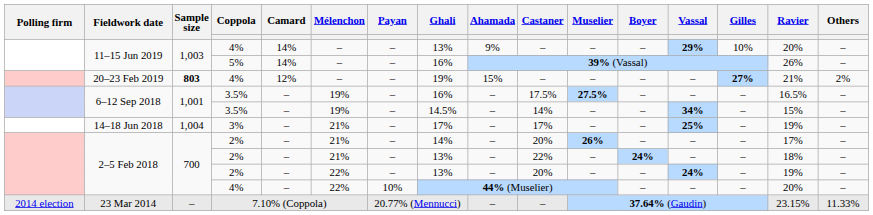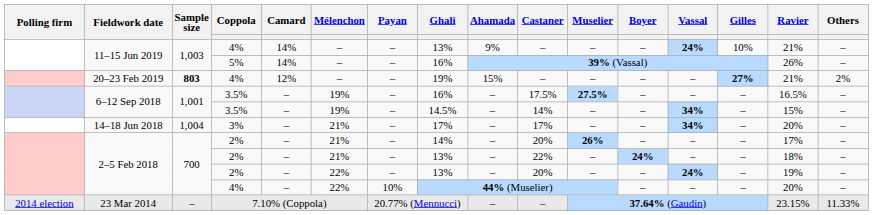 <table class="wikitable sortable" style="text-align:center;font-size:90%;line-height:14px;">
 <tr style="height:40px;">
 <th style="width:100px;" rowspan="2">Polling firm</th>
 <th style="width:110px;" rowspan="2">Fieldwork date</th>
 <th style="width:35px;" rowspan="2">Sample<br>size</th>
 <th class="unsortable" style="width:60px;">Coppola<br></th>
 <th class="unsortable" style="width:60px;">Camard<br></th>
 <th class="unsortable" style="width:60px;"><a href='#'>Mélenchon</a><br></th>
 <th class="unsortable" style="width:60px;"><a href='#'>Payan</a><br></th>
 <th class="unsortable" style="width:60px;"><a href='#'>Ghali</a><br></th>
 <th class="unsortable" style="width:60px;"><a href='#'>Ahamada</a><br></th>
 <th class="unsortable" style="width:60px;"><a href='#'>Castaner</a><br></th>
 <th class="unsortable" style="width:60px;"><a href='#'>Muselier</a><br></th>
 <th class="unsortable" style="width:60px;"><a href='#'>Boyer</a><br></th>
 <th class="unsortable" style="width:60px;"><a href='#'>Vassal</a><br></th>
 <th class="unsortable" style="width:60px;"><a href='#'>Gilles</a><br></th>
 <th class="unsortable" style="width:60px;"><a href='#'>Ravier</a><br></th>
 <th class="unsortable" style="width:60px;">Others</th>
 </tr>
 <tr>
 <th style="background:"></th>
 <th style="background:"></th>
 <th style="background:"></th>
 <th style="background:"></th>
 <th style="background:"></th>
 <th style="background:"></th>
 <th style="background:"></th>
 <th style="background:"></th>
 <th style="background:"></th>
 <th style="background:"></th>
 <th style="background:"></th>
 <th style="background:"></th>
 <th style="background:"></th>
 </tr>
 <tr>
 <td rowspan="2" style="background:#FFFFFF;"></td>
 <td rowspan="2" data-sort-value="2019-06-15">11–15 Jun 2019</td>
 <td rowspan="2">1,003</td>
 <td>4%</td>
 <td>14%</td>
 <td>–</td>
 <td>–</td>
 <td>13%</td>
 <td>9%</td>
 <td>–</td>
 <td>–</td>
 <td>–</td>
-<td style="background:#B9DAFF;"><strong>29%</strong></td>
+<td style="background:#B9DAFF;"><strong>24%</strong></td>
 <td>10%</td>
-<td>20%</td>
+<td>21%</td>
 <td>–</td>
 </tr>
 <tr>
 <td>5%</td>
 <td>14%</td>
 <td>–</td>
 <td>–</td>
 <td>16%</td>
 <td style="background:#B9DAFF;" colspan="6"><strong>39%</strong> (Vassal)</td>
 <td>26%</td>
 <td>–</td>
 </tr>
 <tr>
 <td style="background:#FFCCCC;"></td>
 <td data-sort-value="2019-02-23">20–23 Feb 2019</td>
 <td><strong>803</strong></td>
 <td>4%</td>
 <td>12%</td>
 <td>–</td>
 <td>–</td>
 <td>19%</td>
 <td>15%</td>
 <td>–</td>
 <td>–</td>
 <td>–</td>
 <td>–</td>
 <td style="background:#B9DAFF;"><strong>27%</strong></td>
 <td>21%</td>
 <td>2%</td>
 </tr>
 <tr>
 <td rowspan="2" style="background:#CAD5F7;"></td>
 <td rowspan="2" data-sort-value="2018-09-12">6–12 Sep 2018</td>
 <td rowspan="2">1,001</td>
 <td>3.5%</td>
 <td>–</td>
 <td>19%</td>
 <td>–</td>
 <td>16%</td>
 <td>–</td>
 <td>17.5%</td>
 <td style="background:#B9DAFF;"><strong>27.5%</strong></td>
 <td>–</td>
 <td>–</td>
 <td>–</td>
 <td>16.5%</td>
 <td>–</td>
 </tr>
 <tr>
 <td>3.5%</td>
 <td>–</td>
 <td>19%</td>
 <td>–</td>
 <td>14.5%</td>
 <td>–</td>
 <td>14%</td>
 <td>–</td>
 <td>–</td>
 <td style="background:#B9DAFF;"><strong>34%</strong></td>
 <td>–</td>
 <td>15%</td>
 <td>–</td>
 </tr>
 <tr>
 <td style="background:#FFFFFF;"></td>
 <td data-sort-value="2018-06-18">14–18 Jun 2018</td>
 <td>1,004</td>
 <td>3%</td>
 <td>–</td>
 <td>21%</td>
 <td>–</td>
 <td>17%</td>
 <td>–</td>
 <td>17%</td>
 <td>–</td>
 <td>–</td>
-<td style="background:#B9DAFF;"><strong>25%</strong></td>
+<td style="background:#B9DAFF;"><strong>34%</strong></td>
 <td>–</td>
-<td>19%</td>
+<td>20%</td>
 <td>–</td>
 </tr>
 <tr>
 <td rowspan="4" style="background:#FFCCCC;"></td>
 <td rowspan="4" data-sort-value="2018-02-08">2–5 Feb 2018</td>
 <td rowspan="4">700</td>
 <td>2%</td>
 <td>–</td>
 <td>21%</td>
 <td>–</td>
 <td>14%</td>
 <td>–</td>
 <td>20%</td>
 <td style="background:#B9DAFF;"><strong>26%</strong></td>
 <td>–</td>
 <td>–</td>
 <td>–</td>
 <td>17%</td>
 <td>–</td>
 </tr>
 <tr>
 <td>2%</td>
 <td>–</td>
 <td>21%</td>
 <td>–</td>
 <td>13%</td>
 <td>–</td>
 <td>22%</td>
 <td>–</td>
 <td style="background:#B9DAFF;"><strong>24%</strong></td>
 <td>–</td>
 <td>–</td>
 <td>18%</td>
 <td>–</td>
 </tr>
 <tr>
 <td>2%</td>
 <td>–</td>
 <td>22%</td>
 <td>–</td>
 <td>13%</td>
 <td>–</td>
 <td>20%</td>
 <td>–</td>
 <td>–</td>
 <td style="background:#B9DAFF;"><strong>24%</strong></td>
 <td>–</td>
 <td>19%</td>
 <td>–</td>
 </tr>
 <tr>
 <td>4%</td>
 <td>–</td>
 <td>22%</td>
 <td>10%</td>
 <td style="background:#B9DAFF;" colspan="4"><strong>44%</strong> (Muselier)</td>
 <td>–</td>
 <td>–</td>
 <td>–</td>
 <td>20%</td>
 <td>–</td>
 </tr>
 <tr style="background:#E9E9E9;">
 <td><a href='#'>2014 election</a></td>
 <td data-sort-value="2014-03-23">23 Mar 2014</td>
 <td>–</td>
 <td colspan="3">7.10% (Coppola)</td>
 <td colspan="2">20.77% (<a href='#'>Mennucci</a>)</td>
 <td>–</td>
 <td>–</td>
 <td style="background:#B9DAFF;" colspan="4"><strong>37.64%</strong> (<a href='#'>Gaudin</a>)</td>
 <td>23.15%</td>
 <td>11.33%</td>
 </tr>
 </table>
